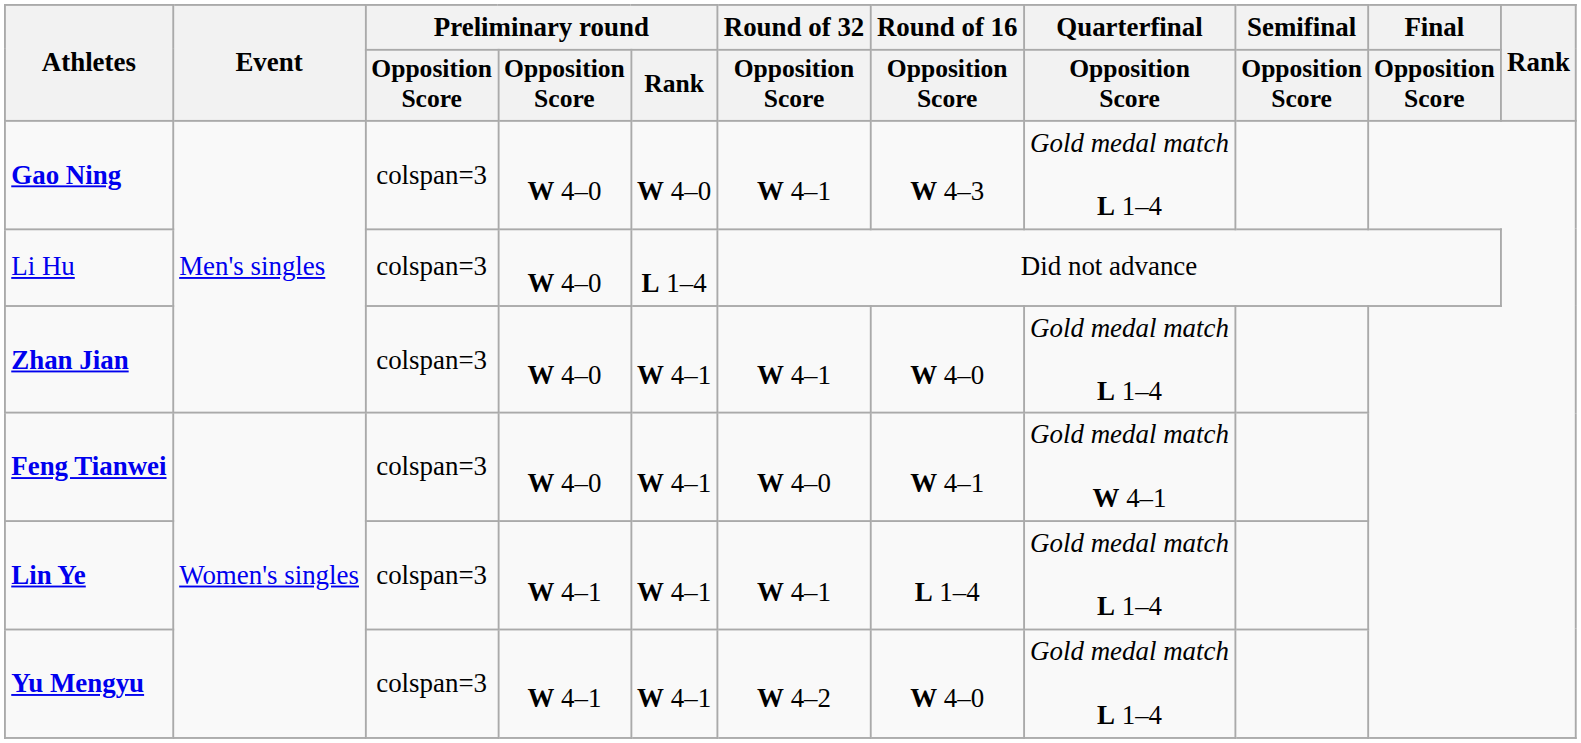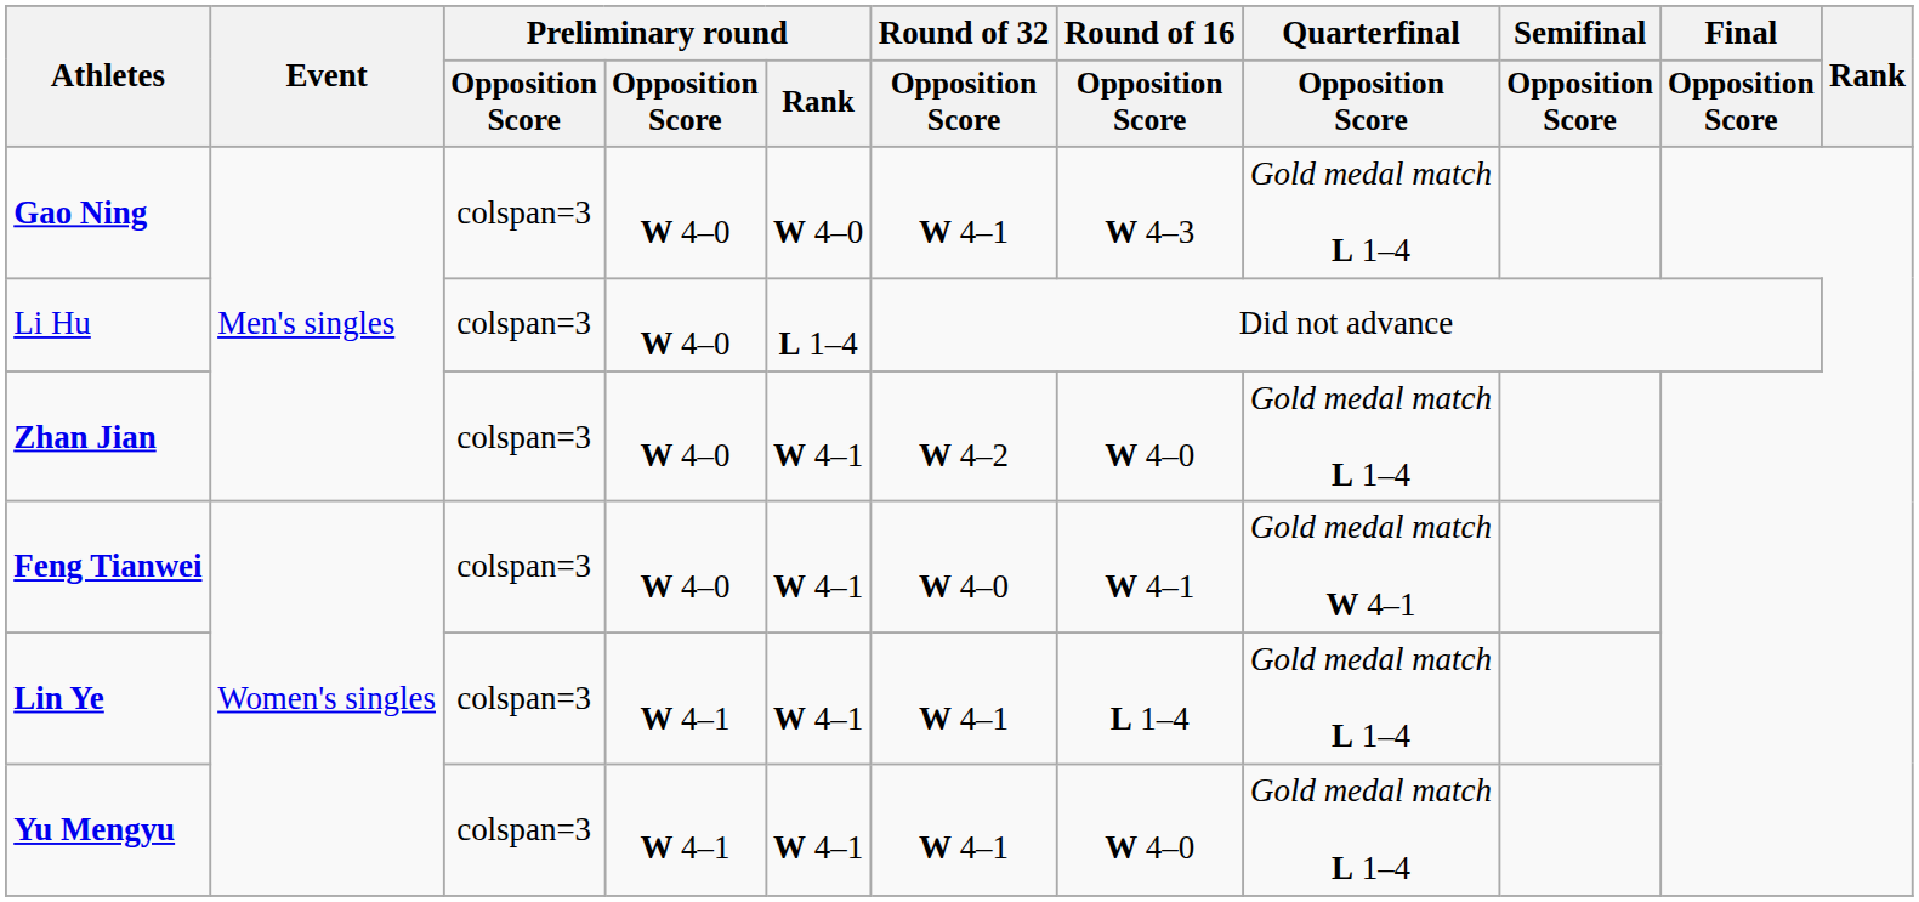 <table class="wikitable" style="font-size:90%">
 <tr>
 <th rowspan=2>Athletes</th>
 <th rowspan=2>Event</th>
 <th colspan=3>Preliminary round</th>
 <th>Round of 32</th>
 <th>Round of 16</th>
 <th>Quarterfinal</th>
 <th>Semifinal</th>
 <th>Final</th>
 <th rowspan=2>Rank</th>
 </tr>
 <tr style="font-size:95%">
 <th>Opposition<br>Score</th>
 <th>Opposition<br>Score</th>
 <th>Rank</th>
 <th>Opposition<br>Score</th>
 <th>Opposition<br>Score</th>
 <th>Opposition<br>Score</th>
 <th>Opposition<br>Score</th>
 <th>Opposition<br>Score</th>
 </tr>
 <tr align=center>
 <td align=left><strong><a href='#'>Gao Ning</a></strong></td>
 <td align=left rowspan=3><a href='#'>Men's singles</a></td>
 <td>colspan=3 </td>
 <td><br><strong>W</strong> 4–0</td>
 <td><br><strong>W</strong> 4–0</td>
 <td><br><strong>W</strong> 4–1</td>
 <td><br><strong>W</strong> 4–3</td>
 <td><em>Gold medal match</em><br><br><strong>L</strong> 1–4</td>
 <td></td>
 </tr>
 <tr align=center>
 <td align=left><a href='#'>Li Hu</a></td>
 <td>colspan=3 </td>
 <td><br><strong>W</strong> 4–0</td>
 <td><br><strong>L</strong> 1–4</td>
 <td colspan=5>Did not advance</td>
 </tr>
 <tr align=center>
 <td align=left><strong><a href='#'>Zhan Jian</a></strong></td>
 <td>colspan=3 </td>
 <td><br><strong>W</strong> 4–0</td>
 <td><br><strong>W</strong> 4–1</td>
-<td><br><strong>W</strong> 4–1</td>
+<td><br><strong>W</strong> 4–2</td>
 <td><br><strong>W</strong> 4–0</td>
 <td><em>Gold medal match</em><br><br><strong>L</strong> 1–4</td>
 <td></td>
 </tr>
 <tr align=center>
 <td align=left><strong><a href='#'>Feng Tianwei</a></strong></td>
 <td align=left rowspan=3><a href='#'>Women's singles</a></td>
 <td>colspan=3 </td>
 <td><br><strong>W</strong> 4–0</td>
 <td><br><strong>W</strong> 4–1</td>
 <td><br><strong>W</strong> 4–0</td>
 <td><br><strong>W</strong> 4–1</td>
 <td><em>Gold medal match</em><br><br><strong>W</strong> 4–1</td>
 <td></td>
 </tr>
 <tr align=center>
 <td align=left><strong><a href='#'>Lin Ye</a></strong></td>
 <td>colspan=3 </td>
 <td><br><strong>W</strong> 4–1</td>
 <td><br><strong>W</strong> 4–1</td>
 <td><br><strong>W</strong> 4–1</td>
 <td><br><strong>L</strong> 1–4</td>
 <td><em>Gold medal match</em><br><br><strong>L</strong> 1–4</td>
 <td></td>
 </tr>
 <tr align=center>
 <td align=left><strong><a href='#'>Yu Mengyu</a></strong></td>
 <td>colspan=3 </td>
 <td><br><strong>W</strong> 4–1</td>
 <td><br><strong>W</strong> 4–1</td>
-<td><br><strong>W</strong> 4–2</td>
+<td><br><strong>W</strong> 4–1</td>
 <td><br><strong>W</strong> 4–0</td>
 <td><em>Gold medal match</em><br><br><strong>L</strong> 1–4</td>
 <td></td>
 </tr>
 </table>
